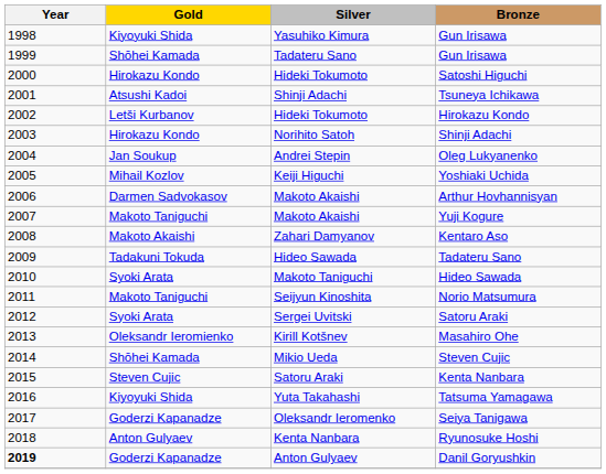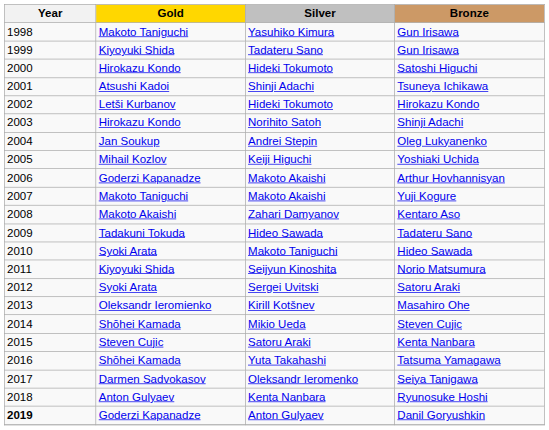 <table class="wikitable">
 <tr align=center>
 <th width="120">Year</th>
 <td width="200" bgcolor="gold"><strong>Gold</strong></td>
 <td width="200" bgcolor="silver"><strong>Silver</strong></td>
 <td width="200" bgcolor="CC9966"><strong>Bronze</strong></td>
 </tr>
 <tr>
 <td>1998</td>
-<td> <a href='#'>Kiyoyuki Shida</a></td>
+<td> <a href='#'>Makoto Taniguchi</a></td>
 <td> <a href='#'>Yasuhiko Kimura</a></td>
 <td> <a href='#'>Gun Irisawa</a></td>
 </tr>
 <tr>
 <td>1999</td>
-<td> <a href='#'>Shōhei Kamada</a></td>
+<td> <a href='#'>Kiyoyuki Shida</a></td>
 <td> <a href='#'>Tadateru Sano</a></td>
 <td> <a href='#'>Gun Irisawa</a></td>
 </tr>
 <tr>
 <td>2000</td>
 <td> <a href='#'>Hirokazu Kondo</a></td>
 <td> <a href='#'>Hideki Tokumoto</a></td>
 <td> <a href='#'>Satoshi Higuchi</a></td>
 </tr>
 <tr>
 <td>2001</td>
 <td> <a href='#'>Atsushi Kadoi</a></td>
 <td> <a href='#'>Shinji Adachi</a></td>
 <td> <a href='#'>Tsuneya Ichikawa</a></td>
 </tr>
 <tr>
 <td>2002</td>
 <td> <a href='#'>Letši Kurbanov</a></td>
 <td> <a href='#'>Hideki Tokumoto</a></td>
 <td> <a href='#'>Hirokazu Kondo</a></td>
 </tr>
 <tr>
 <td>2003</td>
 <td> <a href='#'>Hirokazu Kondo</a></td>
 <td> <a href='#'>Norihito Satoh</a></td>
 <td> <a href='#'>Shinji Adachi</a></td>
 </tr>
 <tr>
 <td>2004</td>
 <td> <a href='#'>Jan Soukup</a></td>
 <td> <a href='#'>Andrei Stepin</a></td>
 <td> <a href='#'>Oleg Lukyanenko</a></td>
 </tr>
 <tr>
 <td>2005</td>
 <td> <a href='#'>Mihail Kozlov</a></td>
 <td> <a href='#'>Keiji Higuchi</a></td>
 <td> <a href='#'>Yoshiaki Uchida</a></td>
 </tr>
 <tr>
 <td>2006</td>
-<td> <a href='#'>Darmen Sadvokasov</a></td>
+<td> <a href='#'>Goderzi Kapanadze</a></td>
 <td> <a href='#'>Makoto Akaishi</a></td>
 <td> <a href='#'>Arthur Hovhannisyan</a></td>
 </tr>
 <tr>
 <td>2007</td>
 <td> <a href='#'>Makoto Taniguchi</a></td>
 <td> <a href='#'>Makoto Akaishi</a></td>
 <td> <a href='#'>Yuji Kogure</a></td>
 </tr>
 <tr>
 <td>2008</td>
 <td> <a href='#'>Makoto Akaishi</a></td>
 <td> <a href='#'>Zahari Damyanov</a></td>
 <td> <a href='#'>Kentaro Aso</a></td>
 </tr>
 <tr>
 <td>2009</td>
 <td> <a href='#'>Tadakuni Tokuda</a></td>
 <td> <a href='#'>Hideo Sawada</a></td>
 <td> <a href='#'>Tadateru Sano</a></td>
 </tr>
 <tr>
 <td>2010</td>
 <td> <a href='#'>Syoki Arata</a></td>
 <td> <a href='#'>Makoto Taniguchi</a></td>
 <td> <a href='#'>Hideo Sawada</a></td>
 </tr>
 <tr>
 <td>2011</td>
-<td> <a href='#'>Makoto Taniguchi</a></td>
+<td> <a href='#'>Kiyoyuki Shida</a></td>
 <td> <a href='#'>Seijyun Kinoshita</a></td>
 <td> <a href='#'>Norio Matsumura</a></td>
 </tr>
 <tr>
 <td>2012</td>
 <td> <a href='#'>Syoki Arata</a></td>
 <td> <a href='#'>Sergei Uvitski</a></td>
 <td> <a href='#'>Satoru Araki</a></td>
 </tr>
 <tr>
 <td>2013</td>
 <td> <a href='#'>Oleksandr Ieromienko</a></td>
 <td> <a href='#'>Kirill Kotšnev</a></td>
 <td> <a href='#'>Masahiro Ohe</a></td>
 </tr>
 <tr>
 <td>2014</td>
 <td> <a href='#'>Shōhei Kamada</a></td>
 <td> <a href='#'>Mikio Ueda</a></td>
 <td> <a href='#'>Steven Cujic</a></td>
 </tr>
 <tr>
 <td>2015</td>
 <td> <a href='#'>Steven Cujic</a></td>
 <td> <a href='#'>Satoru Araki</a></td>
 <td> <a href='#'>Kenta Nanbara</a></td>
 </tr>
 <tr>
 <td>2016</td>
-<td> <a href='#'>Kiyoyuki Shida</a></td>
+<td> <a href='#'>Shōhei Kamada</a></td>
 <td> <a href='#'>Yuta Takahashi</a></td>
 <td> <a href='#'>Tatsuma Yamagawa</a></td>
 </tr>
 <tr>
 <td>2017</td>
-<td> <a href='#'>Goderzi Kapanadze</a></td>
+<td> <a href='#'>Darmen Sadvokasov</a></td>
 <td> <a href='#'>Oleksandr Ieromenko</a></td>
 <td> <a href='#'>Seiya Tanigawa</a></td>
 </tr>
 <tr>
 <td>2018</td>
 <td> <a href='#'>Anton Gulyaev</a></td>
 <td> <a href='#'>Kenta Nanbara</a></td>
 <td> <a href='#'>Ryunosuke Hoshi</a></td>
 </tr>
 <tr>
 <td><strong>2019</strong></td>
 <td> <a href='#'>Goderzi Kapanadze</a></td>
 <td> <a href='#'>Anton Gulyaev</a></td>
 <td> <a href='#'>Danil Goryushkin</a></td>
 </tr>
 <tr>
 </tr>
 </table>
